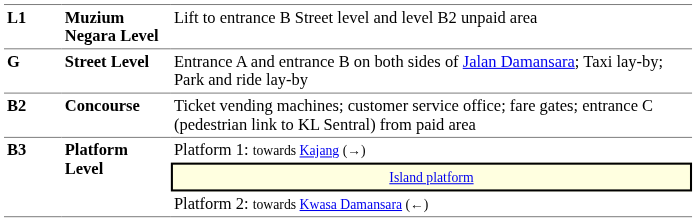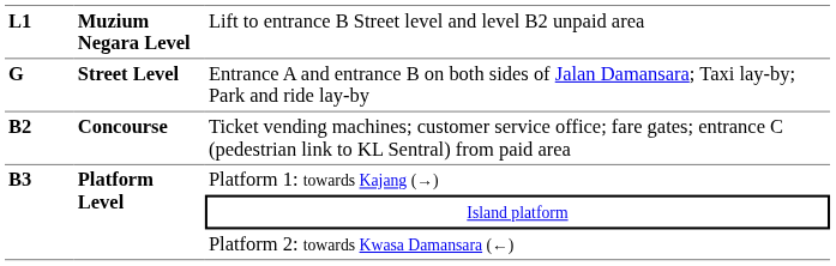 <table table border=0 cellspacing=0 cellpadding=3>
 <tr style="vertical-align:top;">
 <td style="width:50px; border-top:solid 1px gray; border-bottom:solid 1px gray;"><strong>L1</strong></td>
 <td style="width:100px; border-top:solid 1px gray; border-bottom:solid 1px gray;"><strong>Muzium Negara Level</strong></td>
 <td style="width:500px; border-top:solid 1px gray; border-bottom:solid 1px gray;">Lift to entrance B Street level and level B2 unpaid area</td>
 </tr>
 <tr style="vertical-align:top;">
 <td style="width:50px; border-bottom:solid 1px gray; "><strong>G</strong></td>
 <td style="width:100px; border-bottom:solid 1px gray; "><strong>Street Level</strong></td>
 <td style="width:500px; border-bottom:solid 1px gray; ">Entrance A and entrance B on both sides of <a href='#'>Jalan Damansara</a>; Taxi lay-by; Park and ride lay-by</td>
 </tr>
 <tr style="vertical-align:top;">
 <td style="width:50px; border-bottom:solid 1px gray; "><strong>B2</strong></td>
 <td style="width:100px; border-bottom:solid 1px gray; "><strong>Concourse</strong></td>
 <td style="width:500px; border-bottom:solid 1px gray; ">Ticket vending machines; customer service office; fare gates; entrance C (pedestrian link to KL Sentral) from paid area</td>
 </tr>
 <tr style="vertical-align:top;">
 <td style="width:50px; vertical-align:top; border-bottom:solid 1px gray;" rowspan="3"><strong>B3</strong></td>
 <td style="width:100px; border-bottom:solid 1px gray;" rowspan="3"><strong>Platform Level</strong></td>
 <td style="width:500px">Platform 1:   <small>towards  <a href='#'>Kajang</a> (→)</small></td>
 </tr>
 <tr>
-<td style="background: lightyellow; border-top:solid 2px black;border-right:solid 2px black;border-left:solid 2px black;border-bottom:solid 2px black;text-align:center;"><small><a href='#'>Island platform</a></small></td>
+<td style="border-top:solid 2px black;border-right:solid 2px black;border-left:solid 2px black;border-bottom:solid 2px black;text-align:center;"><small><a href='#'>Island platform</a></small></td>
 </tr>
 <tr>
 <td style="border-bottom:solid 1px gray;">Platform 2:   <small>towards  <a href='#'>Kwasa Damansara</a> (←)</small></td>
 </tr>
 </table>
